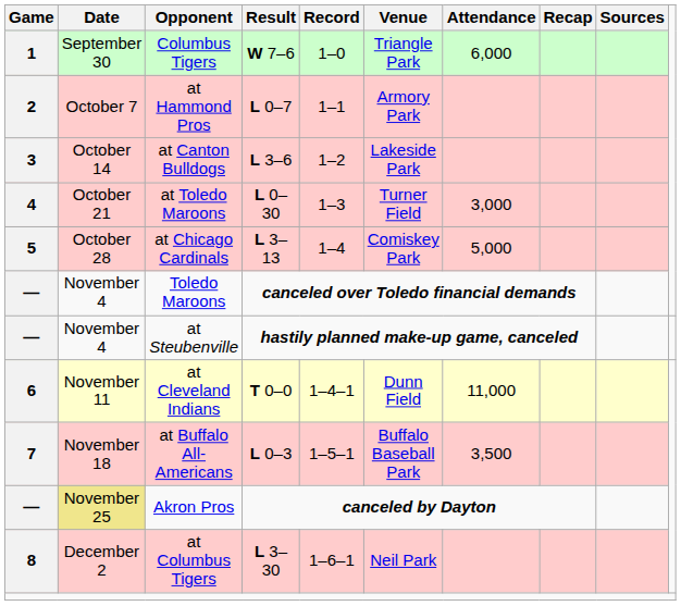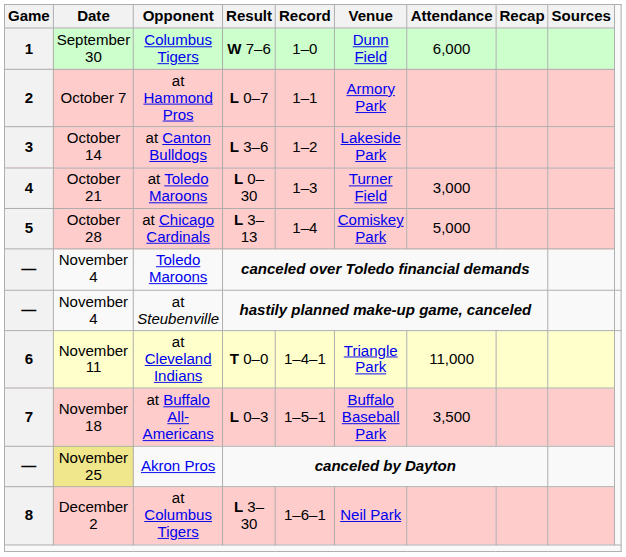 <table class="wikitable" style="text-align:center">
 <tr>
 <th>Game</th>
 <th>Date</th>
 <th>Opponent</th>
 <th>Result</th>
 <th>Record</th>
 <th>Venue</th>
 <th>Attendance</th>
 <th>Recap</th>
 <th>Sources</th>
 </tr>
 <tr style="background:#cfc">
 <th>1</th>
 <td>September 30</td>
 <td><a href='#'>Columbus Tigers</a></td>
 <td><strong>W</strong> 7–6</td>
 <td>1–0</td>
-<td><a href='#'>Triangle Park</a></td>
+<td><a href='#'>Dunn Field</a></td>
 <td>6,000</td>
 <td></td>
 <td></td>
 </tr>
 <tr style="background:#fcc">
 <th>2</th>
 <td>October 7</td>
 <td>at <a href='#'>Hammond Pros</a></td>
 <td><strong>L</strong> 0–7</td>
 <td>1–1</td>
 <td><a href='#'>Armory Park</a></td>
 <td></td>
 <td></td>
 <td></td>
 </tr>
 <tr style="background:#fcc">
 <th>3</th>
 <td>October 14</td>
 <td>at <a href='#'>Canton Bulldogs</a></td>
 <td><strong>L</strong> 3–6</td>
 <td>1–2</td>
 <td><a href='#'>Lakeside Park</a></td>
 <td></td>
 <td></td>
 <td></td>
 </tr>
 <tr style="background:#fcc">
 <th>4</th>
 <td>October 21</td>
 <td>at <a href='#'>Toledo Maroons</a></td>
 <td><strong>L</strong> 0–30</td>
 <td>1–3</td>
 <td><a href='#'>Turner Field</a></td>
 <td>3,000</td>
 <td></td>
 <td></td>
 </tr>
 <tr style="background:#fcc">
 <th>5</th>
 <td>October 28</td>
 <td>at <a href='#'>Chicago Cardinals</a></td>
 <td><strong>L</strong> 3–13</td>
 <td>1–4</td>
 <td><a href='#'>Comiskey Park</a></td>
 <td>5,000</td>
 <td></td>
 <td></td>
 </tr>
 <tr>
 <th>—</th>
 <td>November 4</td>
 <td><a href='#'>Toledo Maroons</a></td>
 <td colspan="5"><strong><em>canceled over Toledo financial demands</em></strong></td>
 <td></td>
 </tr>
 <tr>
 <th>—</th>
 <td>November 4</td>
 <td>at <em>Steubenville</em></td>
 <td colspan="5"><strong><em>hastily planned make-up game, canceled</em></strong></td>
 <td></td>
 <td></td>
 </tr>
 <tr style="background:#ffc">
 <th>6</th>
 <td>November 11</td>
 <td>at <a href='#'>Cleveland Indians</a></td>
 <td><strong>T</strong> 0–0</td>
 <td>1–4–1</td>
-<td><a href='#'>Dunn Field</a></td>
+<td><a href='#'>Triangle Park</a></td>
 <td>11,000</td>
 <td></td>
 <td></td>
 </tr>
 <tr style="background:#fcc">
 <th>7</th>
 <td>November 18</td>
 <td>at <a href='#'>Buffalo All-Americans</a></td>
 <td><strong>L</strong> 0–3</td>
 <td>1–5–1</td>
 <td><a href='#'>Buffalo Baseball Park</a></td>
 <td>3,500</td>
 <td></td>
 <td></td>
 </tr>
 <tr>
 <th>—</th>
 <td style="background: khaki;">November 25</td>
 <td><a href='#'>Akron Pros</a></td>
 <td colspan="5"><strong><em>canceled by Dayton</em></strong></td>
 <td></td>
 </tr>
 <tr style="background:#fcc">
 <th>8</th>
 <td>December 2</td>
 <td>at <a href='#'>Columbus Tigers</a></td>
 <td><strong>L</strong> 3–30</td>
 <td>1–6–1</td>
 <td><a href='#'>Neil Park</a></td>
 <td></td>
 <td></td>
 <td></td>
 </tr>
 <tr>
 <td colspan="10"></td>
 </tr>
 </table>
